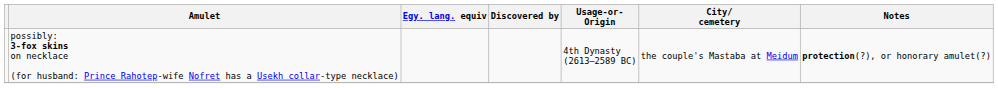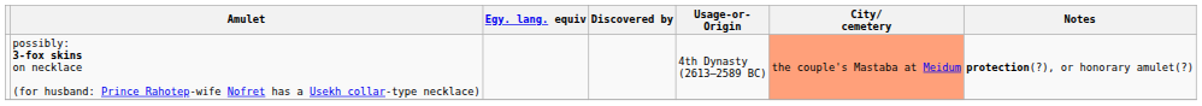 <table class="wikitable sortable">
 <tr style="background:#efefef;">
 <th></th>
 <th><strong>Amulet</strong></th>
 <th><a href='#'>Egy. lang.</a> equiv</th>
 <th>Discovered by</th>
 <th>Usage-or-<br>Origin</th>
 <th>City/<br>cemetery</th>
 <th>Notes</th>
 </tr>
 <tr>
 <td></td>
 <td>possibly:<br><strong>3-fox skins</strong><br>on necklace<br><br>(for husband: <a href='#'>Prince Rahotep</a>-wife <a href='#'>Nofret</a> has a <a href='#'>Usekh collar</a>-type necklace)</td>
 <td></td>
 <td></td>
 <td>4th Dynasty<br>(2613–2589 BC)</td>
-<td>the couple's Mastaba at <a href='#'>Meidum</a></td>
+<td style="background: lightsalmon;">the couple's Mastaba at <a href='#'>Meidum</a></td>
 <td><strong>protection</strong>(?), or honorary amulet(?)</td>
 </tr>
 <tr>
 </tr>
 </table>
